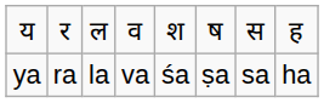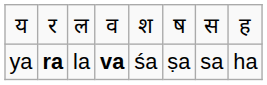 <table class="wikitable" style="margin: 0 auto; text-align: center;">
 <tr>
 <td>य</td>
 <td>र</td>
 <td>ल</td>
 <td>व</td>
 <td>श</td>
 <td>ष</td>
 <td>स</td>
 <td>ह</td>
 </tr>
 <tr>
 <td>ya</td>
-<td>ra</td>
+<td><strong>ra</strong></td>
 <td>la</td>
-<td>va</td>
+<td><strong>va</strong></td>
 <td>śa</td>
 <td>ṣa</td>
 <td>sa</td>
 <td>ha</td>
 </tr>
 </table>
